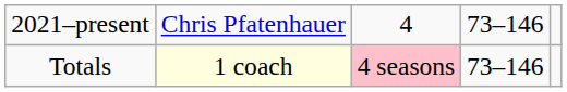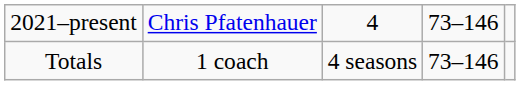 <table class="wikitable" style="text-align:center">
 <tr>
 <td>2021–present</td>
 <td><a href='#'>Chris Pfatenhauer</a></td>
 <td>4</td>
 <td>73–146</td>
 <td></td>
 </tr>
 <tr class="sortbottom">
 <td>Totals</td>
-<td style="background: lightyellow;">1 coach</td>
-<td style="background: pink;">4 seasons</td>
+<td>1 coach</td>
+<td>4 seasons</td>
 <td>73–146</td>
 <td></td>
 </tr>
 </table>
